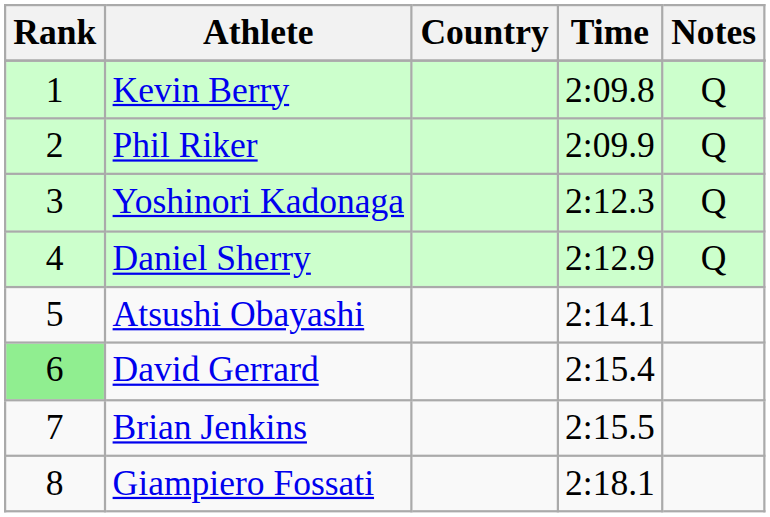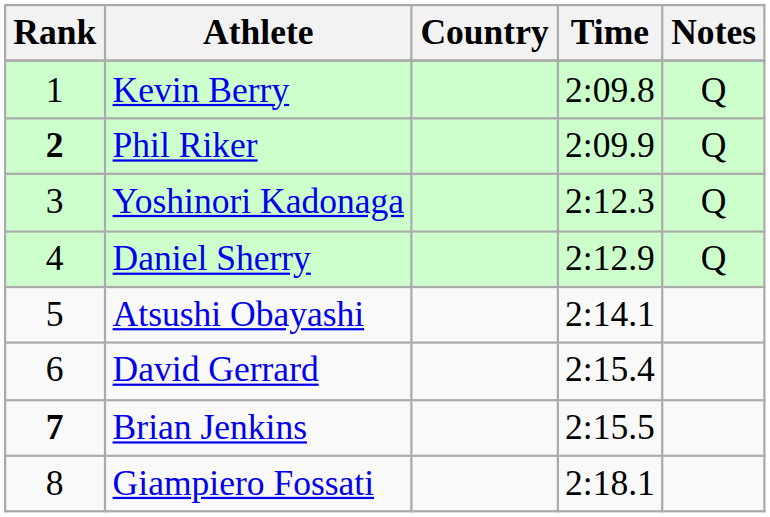 <table class="wikitable sortable" style="text-align:center">
 <tr>
 <th>Rank</th>
 <th>Athlete</th>
 <th>Country</th>
 <th>Time</th>
 <th>Notes</th>
 </tr>
 <tr>
 </tr>
 <tr bgcolor=#CCFFCC>
 <td>1</td>
 <td align=left><a href='#'>Kevin Berry</a></td>
 <td align=left></td>
 <td>2:09.8</td>
 <td>Q</td>
 </tr>
 <tr bgcolor=#CCFFCC>
-<td>2</td>
+<td><strong>2</strong></td>
 <td align=left><a href='#'>Phil Riker</a></td>
 <td align=left></td>
 <td>2:09.9</td>
 <td>Q</td>
 </tr>
 <tr bgcolor=#CCFFCC>
 <td>3</td>
 <td align=left><a href='#'>Yoshinori Kadonaga</a></td>
 <td align=left></td>
 <td>2:12.3</td>
 <td>Q</td>
 </tr>
 <tr bgcolor=#CCFFCC>
 <td>4</td>
 <td align=left><a href='#'>Daniel Sherry</a></td>
 <td align=left></td>
 <td>2:12.9</td>
 <td>Q</td>
 </tr>
 <tr>
 <td>5</td>
 <td align=left><a href='#'>Atsushi Obayashi</a></td>
 <td align=left></td>
 <td>2:14.1</td>
 <td></td>
 </tr>
 <tr>
-<td style="background: lightgreen;">6</td>
+<td>6</td>
 <td align=left><a href='#'>David Gerrard</a></td>
 <td align=left></td>
 <td>2:15.4</td>
 <td></td>
 </tr>
 <tr>
-<td>7</td>
+<td><strong>7</strong></td>
 <td align=left><a href='#'>Brian Jenkins</a></td>
 <td align=left></td>
 <td>2:15.5</td>
 <td></td>
 </tr>
 <tr>
 <td>8</td>
 <td align=left><a href='#'>Giampiero Fossati</a></td>
 <td align=left></td>
 <td>2:18.1</td>
 <td></td>
 </tr>
 </table>
